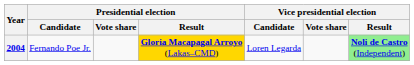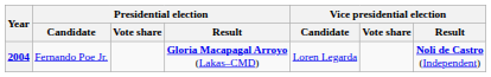 <table class="wikitable" style="text-align:center; font-size:90%">
 <tr>
 <th rowspan=2>Year</th>
 <th colspan=3>Presidential election</th>
 <th colspan=3>Vice presidential election</th>
 </tr>
 <tr>
 <th>Candidate</th>
 <th>Vote share</th>
 <th>Result</th>
 <th>Candidate</th>
 <th>Vote share</th>
 <th>Result</th>
 </tr>
 <tr>
 <th><a href='#'>2004</a></th>
 <td><a href='#'>Fernando Poe Jr.</a></td>
 <td></td>
-<td style="background: gold;"><strong><a href='#'>Gloria Macapagal Arroyo</a></strong><br>(<a href='#'>Lakas–CMD</a>)</td>
+<td><strong><a href='#'>Gloria Macapagal Arroyo</a></strong><br>(<a href='#'>Lakas–CMD</a>)</td>
 <td><a href='#'>Loren Legarda</a></td>
 <td></td>
-<td style="background: lightgreen;"><strong><a href='#'>Noli de Castro</a></strong><br>(<a href='#'>Independent</a>)</td>
+<td><strong><a href='#'>Noli de Castro</a></strong><br>(<a href='#'>Independent</a>)</td>
 </tr>
 </table>
